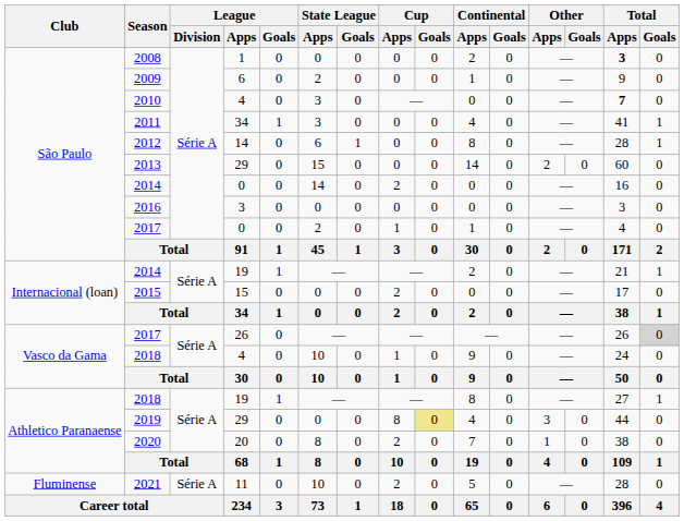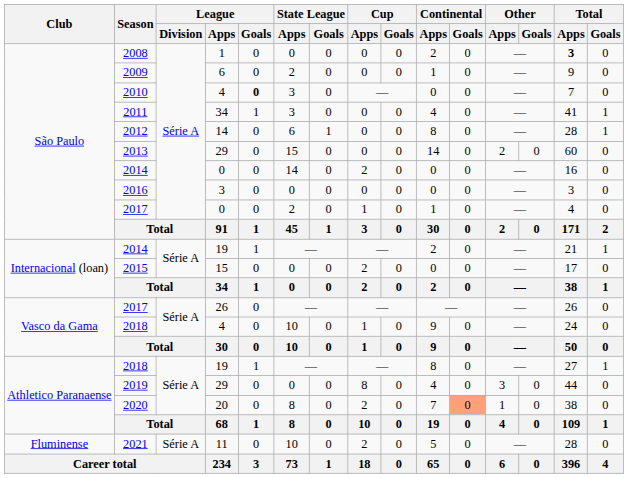 <table class="wikitable" style="text-align: center;">
 <tr>
 <th rowspan="2">Club</th>
 <th rowspan="2">Season</th>
 <th colspan="3">League</th>
 <th colspan="2">State League</th>
 <th colspan="2">Cup</th>
 <th colspan="2">Continental</th>
 <th colspan="2">Other</th>
 <th colspan="2">Total</th>
 </tr>
 <tr>
 <th>Division</th>
 <th>Apps</th>
 <th>Goals</th>
 <th>Apps</th>
 <th>Goals</th>
 <th>Apps</th>
 <th>Goals</th>
 <th>Apps</th>
 <th>Goals</th>
 <th>Apps</th>
 <th>Goals</th>
 <th>Apps</th>
 <th>Goals</th>
 </tr>
 <tr>
 <td rowspan="10"><a href='#'>São Paulo</a></td>
 <td><a href='#'>2008</a></td>
 <td rowspan="9"><a href='#'>Série A</a></td>
 <td>1</td>
 <td>0</td>
 <td>0</td>
 <td>0</td>
 <td>0</td>
 <td>0</td>
 <td>2</td>
 <td>0</td>
 <td colspan="2">—</td>
 <td><strong>3</strong></td>
 <td>0</td>
 </tr>
 <tr>
 <td><a href='#'>2009</a></td>
 <td>6</td>
 <td>0</td>
 <td>2</td>
 <td>0</td>
 <td>0</td>
 <td>0</td>
 <td>1</td>
 <td>0</td>
 <td colspan="2">—</td>
 <td>9</td>
 <td>0</td>
 </tr>
 <tr>
 <td><a href='#'>2010</a></td>
 <td>4</td>
-<td>0</td>
+<td><strong>0</strong></td>
 <td>3</td>
 <td>0</td>
 <td colspan="2">—</td>
 <td>0</td>
 <td>0</td>
 <td colspan="2">—</td>
-<td><strong>7</strong></td>
+<td>7</td>
 <td>0</td>
 </tr>
 <tr>
 <td><a href='#'>2011</a></td>
 <td>34</td>
 <td>1</td>
 <td>3</td>
 <td>0</td>
 <td>0</td>
 <td>0</td>
 <td>4</td>
 <td>0</td>
 <td colspan="2">—</td>
 <td>41</td>
 <td>1</td>
 </tr>
 <tr>
 <td><a href='#'>2012</a></td>
 <td>14</td>
 <td>0</td>
 <td>6</td>
 <td>1</td>
 <td>0</td>
 <td>0</td>
 <td>8</td>
 <td>0</td>
 <td colspan="2">—</td>
 <td>28</td>
 <td>1</td>
 </tr>
 <tr>
 <td><a href='#'>2013</a></td>
 <td>29</td>
 <td>0</td>
 <td>15</td>
 <td>0</td>
 <td>0</td>
 <td>0</td>
 <td>14</td>
 <td>0</td>
 <td>2</td>
 <td>0</td>
 <td>60</td>
 <td>0</td>
 </tr>
 <tr>
 <td><a href='#'>2014</a></td>
 <td>0</td>
 <td>0</td>
 <td>14</td>
 <td>0</td>
 <td>2</td>
 <td>0</td>
 <td>0</td>
 <td>0</td>
 <td colspan="2">—</td>
 <td>16</td>
 <td>0</td>
 </tr>
 <tr>
 <td><a href='#'>2016</a></td>
 <td>3</td>
 <td>0</td>
 <td>0</td>
 <td>0</td>
 <td>0</td>
 <td>0</td>
 <td>0</td>
 <td>0</td>
 <td colspan="2">—</td>
 <td>3</td>
 <td>0</td>
 </tr>
 <tr>
 <td><a href='#'>2017</a></td>
 <td>0</td>
 <td>0</td>
 <td>2</td>
 <td>0</td>
 <td>1</td>
 <td>0</td>
 <td>1</td>
 <td>0</td>
 <td colspan="2">—</td>
 <td>4</td>
 <td>0</td>
 </tr>
 <tr>
 <th colspan="2">Total</th>
 <th>91</th>
 <th>1</th>
 <th>45</th>
 <th>1</th>
 <th>3</th>
 <th>0</th>
 <th>30</th>
 <th>0</th>
 <th>2</th>
 <th>0</th>
 <th>171</th>
 <th>2</th>
 </tr>
 <tr>
 <td rowspan="3"><a href='#'>Internacional</a> (loan)</td>
 <td><a href='#'>2014</a></td>
 <td rowspan="2">Série A</td>
 <td>19</td>
 <td>1</td>
 <td colspan="2">—</td>
 <td colspan="2">—</td>
 <td>2</td>
 <td>0</td>
 <td colspan="2">—</td>
 <td>21</td>
 <td>1</td>
 </tr>
 <tr>
 <td><a href='#'>2015</a></td>
 <td>15</td>
 <td>0</td>
 <td>0</td>
 <td>0</td>
 <td>2</td>
 <td>0</td>
 <td>0</td>
 <td>0</td>
 <td colspan="2">—</td>
 <td>17</td>
 <td>0</td>
 </tr>
 <tr>
 <th colspan="2">Total</th>
 <th>34</th>
 <th>1</th>
 <th>0</th>
 <th>0</th>
 <th>2</th>
 <th>0</th>
 <th>2</th>
 <th>0</th>
 <th colspan="2">—</th>
 <th>38</th>
 <th>1</th>
 </tr>
 <tr>
 <td rowspan="3"><a href='#'>Vasco da Gama</a></td>
 <td><a href='#'>2017</a></td>
 <td rowspan="2">Série A</td>
 <td>26</td>
 <td>0</td>
 <td colspan="2">—</td>
 <td colspan="2">—</td>
 <td colspan="2">—</td>
 <td colspan="2">—</td>
 <td>26</td>
-<td style="background: lightgrey;">0</td>
+<td>0</td>
 </tr>
 <tr>
 <td><a href='#'>2018</a></td>
 <td>4</td>
 <td>0</td>
 <td>10</td>
 <td>0</td>
 <td>1</td>
 <td>0</td>
 <td>9</td>
 <td>0</td>
 <td colspan="2">—</td>
 <td>24</td>
 <td>0</td>
 </tr>
 <tr>
 <th colspan="2">Total</th>
 <th>30</th>
 <th>0</th>
 <th>10</th>
 <th>0</th>
 <th>1</th>
 <th>0</th>
 <th>9</th>
 <th>0</th>
 <th colspan="2">—</th>
 <th>50</th>
 <th>0</th>
 </tr>
 <tr>
 <td rowspan="4"><a href='#'>Athletico Paranaense</a></td>
 <td><a href='#'>2018</a></td>
 <td rowspan="3">Série A</td>
 <td>19</td>
 <td>1</td>
 <td colspan="2">—</td>
 <td colspan="2">—</td>
 <td>8</td>
 <td>0</td>
 <td colspan="2">—</td>
 <td>27</td>
 <td>1</td>
 </tr>
 <tr>
 <td><a href='#'>2019</a></td>
 <td>29</td>
 <td>0</td>
 <td>0</td>
 <td>0</td>
 <td>8</td>
-<td style="background: khaki;">0</td>
+<td>0</td>
 <td>4</td>
 <td>0</td>
 <td>3</td>
 <td>0</td>
 <td>44</td>
 <td>0</td>
 </tr>
 <tr>
 <td><a href='#'>2020</a></td>
 <td>20</td>
 <td>0</td>
 <td>8</td>
 <td>0</td>
 <td>2</td>
 <td>0</td>
 <td>7</td>
-<td>0</td>
+<td style="background: lightsalmon;">0</td>
 <td>1</td>
 <td>0</td>
 <td>38</td>
 <td>0</td>
 </tr>
 <tr>
 <th colspan="2">Total</th>
 <th>68</th>
 <th>1</th>
 <th>8</th>
 <th>0</th>
 <th>10</th>
 <th>0</th>
 <th>19</th>
 <th>0</th>
 <th>4</th>
 <th>0</th>
 <th>109</th>
 <th>1</th>
 </tr>
 <tr>
 <td><a href='#'>Fluminense</a></td>
 <td><a href='#'>2021</a></td>
 <td>Série A</td>
 <td>11</td>
 <td>0</td>
 <td>10</td>
 <td>0</td>
 <td>2</td>
 <td>0</td>
 <td>5</td>
 <td>0</td>
 <td colspan="2">—</td>
 <td>28</td>
 <td>0</td>
 </tr>
 <tr>
 <th colspan="3"><strong>Career total</strong></th>
 <th>234</th>
 <th>3</th>
 <th>73</th>
 <th>1</th>
 <th>18</th>
 <th>0</th>
 <th>65</th>
 <th>0</th>
 <th>6</th>
 <th>0</th>
 <th>396</th>
 <th>4</th>
 </tr>
 </table>
